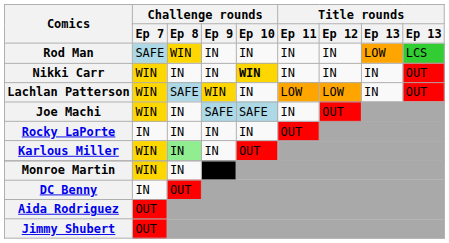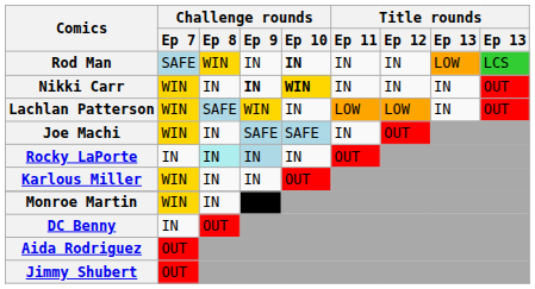 <table class="wikitable">
 <tr>
 <th rowspan="2">Comics</th>
 <th colspan="4">Challenge rounds</th>
 <th colspan="4">Title rounds</th>
 </tr>
 <tr>
 <th>Ep 7</th>
 <th>Ep 8</th>
 <th>Ep 9</th>
 <th>Ep 10</th>
 <th>Ep 11</th>
 <th>Ep 12</th>
 <th>Ep 13</th>
 <th>Ep 13</th>
 </tr>
 <tr>
 <th>Rod Man</th>
 <td style="background:lightblue;">SAFE</td>
 <td style="background:gold;">WIN</td>
 <td>IN</td>
-<td>IN</td>
+<td><strong>IN</strong></td>
 <td>IN</td>
 <td>IN</td>
 <td style="background:orange;">LOW</td>
 <td style="background:limegreen;">LCS</td>
 </tr>
 <tr>
 <th>Nikki Carr</th>
 <td style="background:gold;">WIN</td>
 <td>IN</td>
-<td>IN</td>
+<td><strong>IN</strong></td>
 <td style="background:gold;"><strong>WIN</strong></td>
 <td>IN</td>
 <td>IN</td>
 <td>IN</td>
 <td style="background:red;">OUT</td>
 </tr>
 <tr>
 <th>Lachlan Patterson</th>
 <td style="background:gold;">WIN</td>
 <td style="background:lightblue;">SAFE</td>
 <td style="background:gold;">WIN</td>
 <td>IN</td>
 <td style="background:orange;">LOW</td>
 <td style="background:orange;">LOW</td>
 <td>IN</td>
 <td style="background:red;">OUT</td>
 </tr>
 <tr>
 <th>Joe Machi</th>
 <td style="background:gold;">WIN</td>
 <td>IN</td>
 <td style="background:lightblue;">SAFE</td>
 <td style="background:lightblue;">SAFE</td>
 <td>IN</td>
 <td style="background:red;">OUT</td>
 <td colspan="4" style="background:darkgrey;"></td>
 </tr>
 <tr>
 <th><a href='#'>Rocky LaPorte</a></th>
 <td>IN</td>
-<td>IN</td>
-<td>IN</td>
+<td style="background: paleturquoise;">IN</td>
+<td style="background: lightblue;">IN</td>
 <td>IN</td>
 <td style="background:red;">OUT</td>
 <td colspan="4" style="background:darkgrey;"></td>
 </tr>
 <tr>
 <th><a href='#'>Karlous Miller</a></th>
 <td style="background:gold;">WIN</td>
-<td style="background: lightgreen;">IN</td>
+<td>IN</td>
 <td>IN</td>
 <td style="background:red;">OUT</td>
 <td colspan="4" style="background:darkgrey;"></td>
 </tr>
 <tr>
 </tr>
 <tr>
 <th>Monroe Martin</th>
 <td style="background:gold;">WIN</td>
 <td>IN</td>
 <td style="background:black;"><span>SD</span></td>
 <td colspan="5" style="background:darkgrey;"></td>
 </tr>
 <tr>
 <th><a href='#'>DC Benny</a></th>
 <td>IN</td>
 <td style="background:red;">OUT</td>
 <td colspan="6" style="background:darkgrey;"></td>
 </tr>
 <tr>
 <th><a href='#'>Aida Rodriguez</a></th>
 <td style="background:red;">OUT</td>
 <td colspan="7" style="background:darkgrey;"></td>
 </tr>
 <tr>
 <th><a href='#'>Jimmy Shubert</a></th>
 <td style="background:red;">OUT</td>
 <td colspan="7" style="background:darkgrey;"></td>
 </tr>
 </table>
